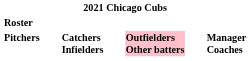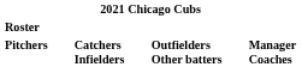 <table class="toccolours" style="font-size: 95%;">
 <tr>
 <th colspan="10">2021 Chicago Cubs</th>
 </tr>
 <tr>
 <td colspan="10"><strong>Roster</strong></td>
 </tr>
 <tr>
 <td valign="top"><strong>Pitchers</strong><br>                                                                   </td>
 <td width="25px"></td>
 <td valign="top"><strong>Catchers</strong><br>                  <strong>Infielders</strong>                         </td>
 <td width="25px"></td>
-<td valign="top" style="background: pink;"><strong>Outfielders</strong><br>                    <strong>Other batters</strong> </td>
+<td valign="top"><strong>Outfielders</strong><br>                    <strong>Other batters</strong> </td>
 <td width="25px"></td>
 <td valign="top"><strong>Manager</strong><br> <strong>Coaches</strong>                          </td>
 </tr>
 <tr>
 </tr>
 </table>
